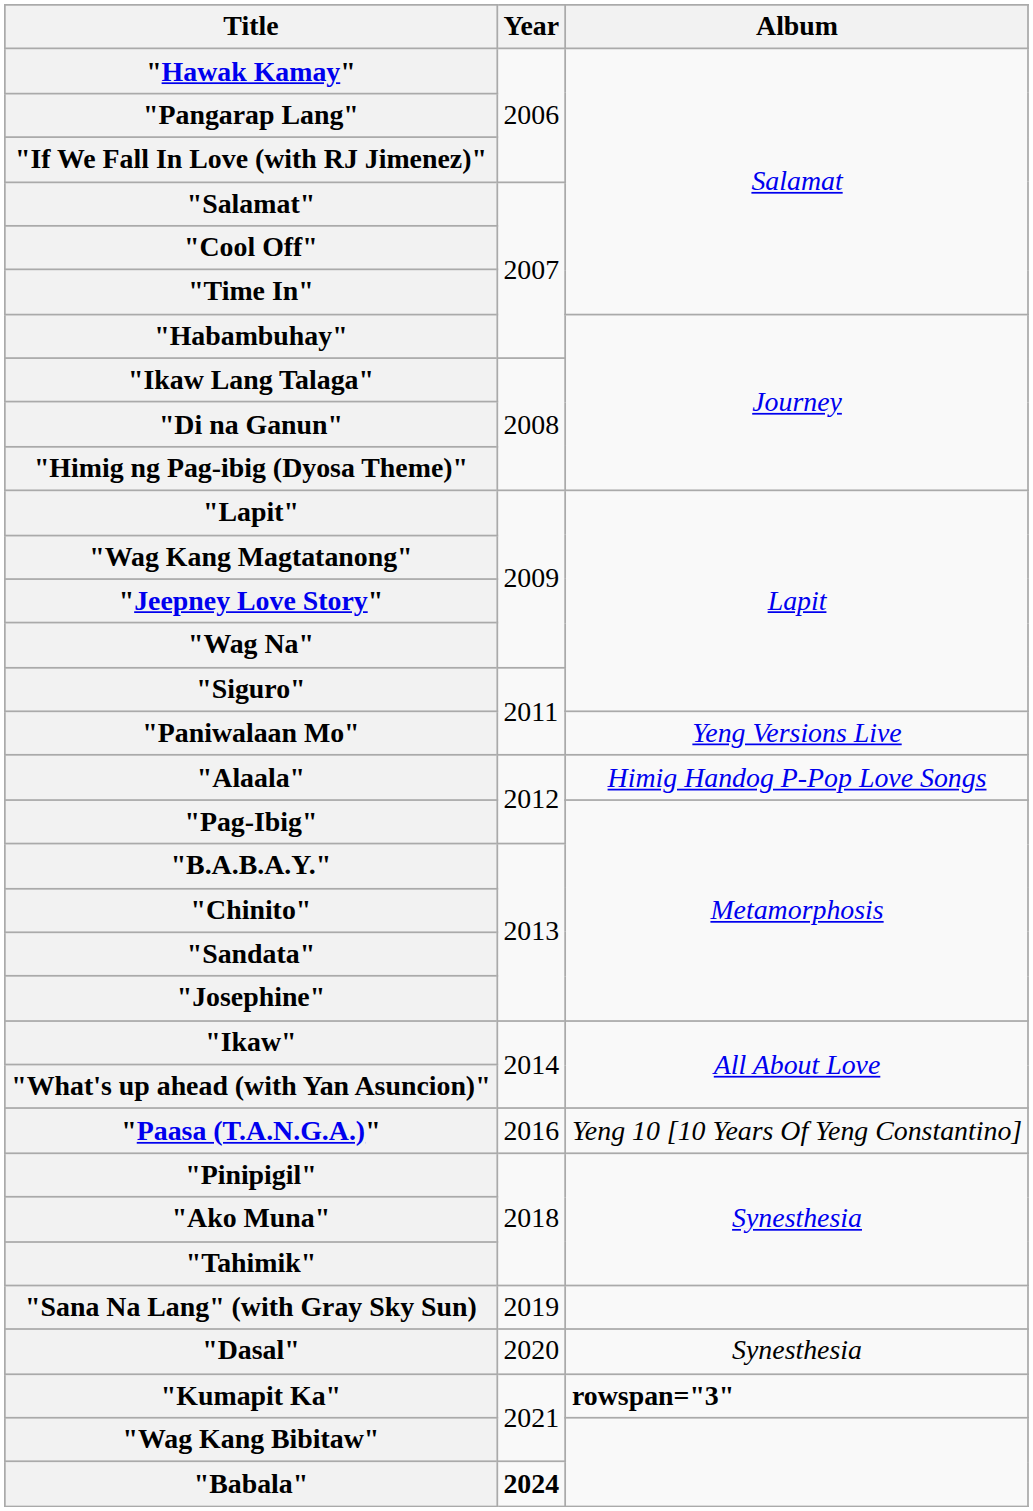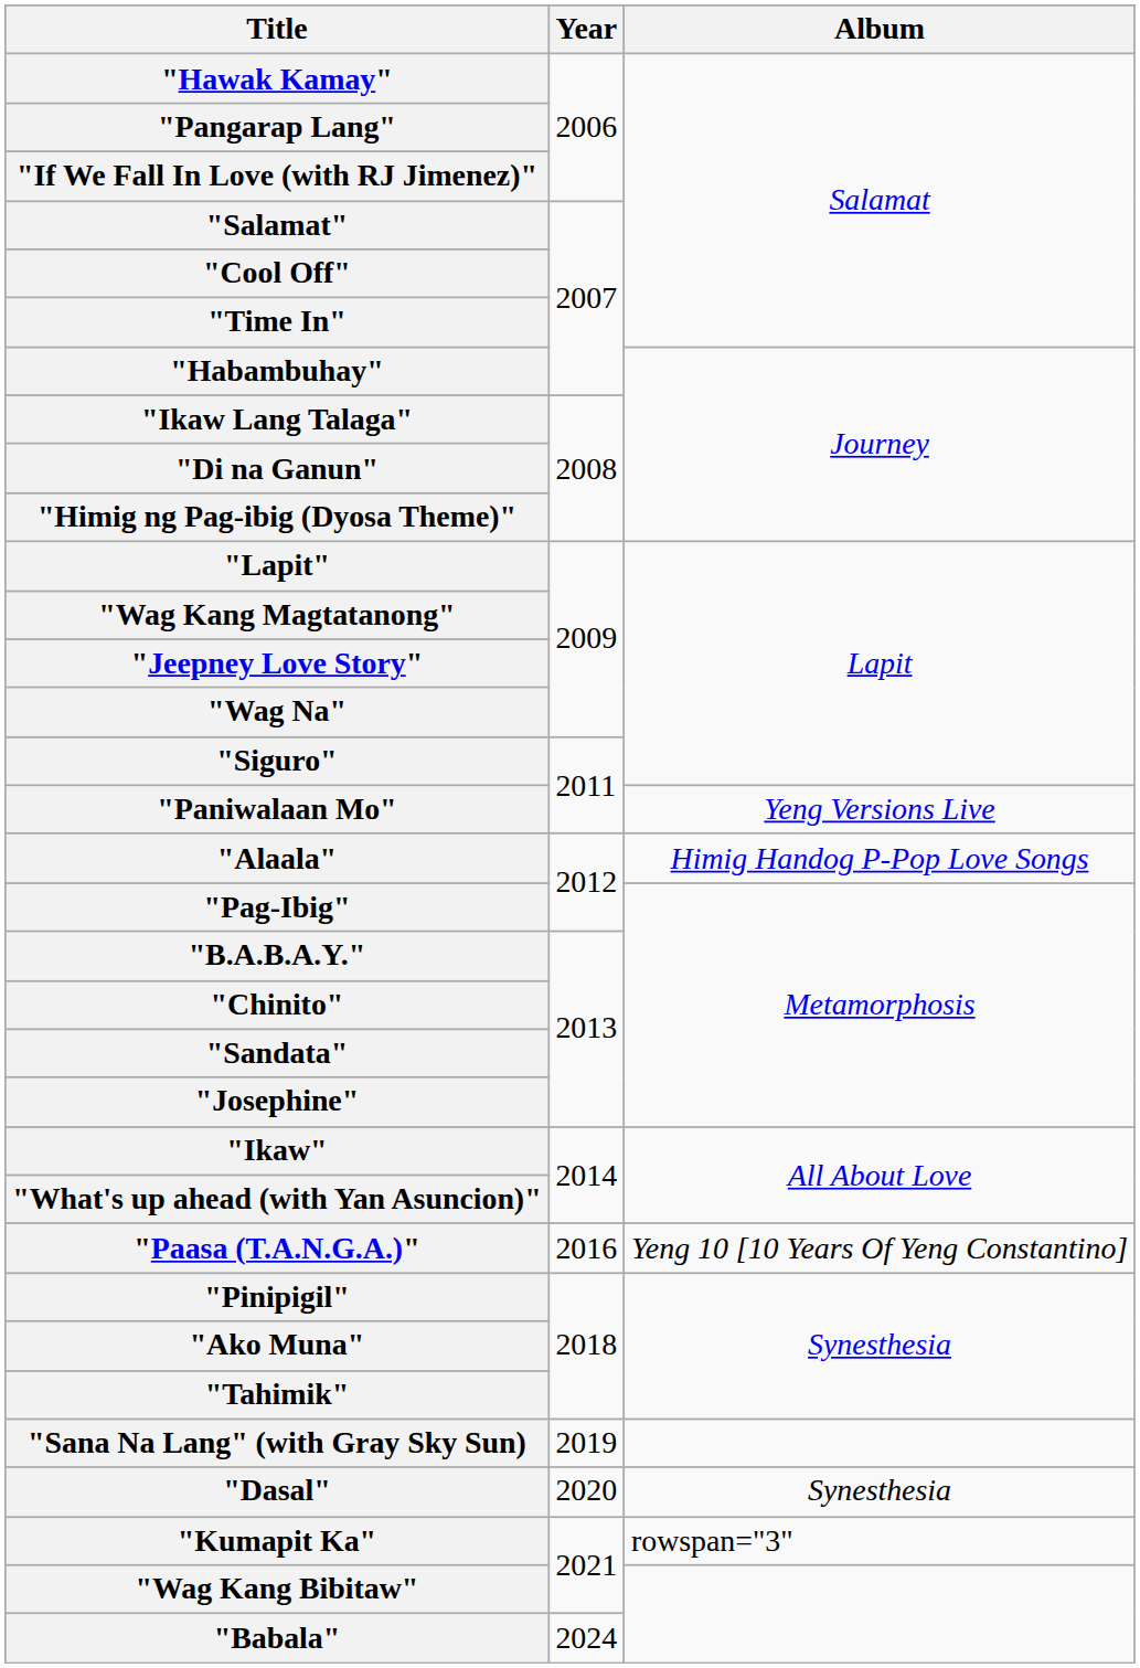 <table class="wikitable plainrowheaders">
 <tr>
 <th>Title</th>
 <th>Year</th>
 <th>Album</th>
 </tr>
 <tr>
 <th scope="row">"<a href='#'>Hawak Kamay</a>"</th>
 <td rowspan="3">2006</td>
 <td rowspan="6" style="text-align:center;"><em><a href='#'>Salamat</a></em></td>
 </tr>
 <tr>
 <th scope="row">"Pangarap Lang"</th>
 </tr>
 <tr>
 <th scope="row">"If We Fall In Love (with RJ Jimenez)"</th>
 </tr>
 <tr>
 <th scope="row">"Salamat"</th>
 <td rowspan="4">2007</td>
 </tr>
 <tr>
 <th scope="row">"Cool Off"</th>
 </tr>
 <tr>
 <th scope="row">"Time In"</th>
 </tr>
 <tr>
 <th scope="row">"Habambuhay"</th>
 <td rowspan="4" style="text-align:center;"><em><a href='#'>Journey</a></em></td>
 </tr>
 <tr>
 <th scope="row">"Ikaw Lang Talaga"</th>
 <td rowspan="3">2008</td>
 </tr>
 <tr>
 <th scope="row">"Di na Ganun"</th>
 </tr>
 <tr>
 <th scope="row">"Himig ng Pag-ibig (Dyosa Theme)"</th>
 </tr>
 <tr>
 <th scope="row">"Lapit"</th>
 <td rowspan="4">2009</td>
 <td rowspan="5" style="text-align:center;"><em><a href='#'>Lapit</a></em></td>
 </tr>
 <tr>
 <th scope="row">"Wag Kang Magtatanong"</th>
 </tr>
 <tr>
 <th scope="row">"<a href='#'>Jeepney Love Story</a>"</th>
 </tr>
 <tr>
 <th scope="row">"Wag Na"</th>
 </tr>
 <tr>
 <th scope="row">"Siguro"</th>
 <td rowspan="2">2011</td>
 </tr>
 <tr>
 <th scope="row">"Paniwalaan Mo"</th>
 <td style="text-align:center;"><em><a href='#'>Yeng Versions Live</a></em></td>
 </tr>
 <tr>
 <th scope="row">"Alaala"</th>
 <td rowspan="2">2012</td>
 <td style="text-align:center;"><em><a href='#'>Himig Handog P-Pop Love Songs</a></em></td>
 </tr>
 <tr>
 <th scope="row">"Pag-Ibig"</th>
 <td rowspan="5" style="text-align:center;"><em><a href='#'>Metamorphosis</a></em></td>
 </tr>
 <tr>
 <th scope="row">"B.A.B.A.Y."</th>
 <td rowspan="4">2013</td>
 </tr>
 <tr>
 <th scope="row">"Chinito"</th>
 </tr>
 <tr>
 <th scope="row">"Sandata"</th>
 </tr>
 <tr>
 <th scope="row">"Josephine"</th>
 </tr>
 <tr>
 <th scope="row">"Ikaw"</th>
 <td rowspan="2">2014</td>
 <td rowspan="2" style="text-align:center;"><em><a href='#'>All About Love</a></em></td>
 </tr>
 <tr>
 <th scope="row">"What's up ahead (with Yan Asuncion)"</th>
 </tr>
 <tr>
 <th scope="row">"<a href='#'>Paasa (T.A.N.G.A.)</a>"</th>
 <td>2016</td>
 <td><em>Yeng 10 [10 Years Of Yeng Constantino]</em></td>
 </tr>
 <tr>
 <th scope="row">"Pinipigil"</th>
 <td rowspan="3">2018</td>
 <td rowspan="3" align="center"><em><a href='#'>Synesthesia</a></em></td>
 </tr>
 <tr>
 <th scope="row">"Ako Muna"</th>
 </tr>
 <tr>
 <th scope="row">"Tahimik"</th>
 </tr>
 <tr>
 <th scope="row">"Sana Na Lang" (with Gray Sky Sun)</th>
 <td>2019</td>
 <td></td>
 </tr>
 <tr>
 <th scope="row">"Dasal"</th>
 <td>2020</td>
 <td align="center"><em>Synesthesia</em></td>
 </tr>
 <tr>
 <th scope="row">"Kumapit Ka"</th>
 <td rowspan="2">2021</td>
-<td><strong>rowspan="3" </strong></td>
+<td>rowspan="3" </td>
 </tr>
 <tr>
 <th scope="row">"Wag Kang Bibitaw"</th>
 </tr>
 <tr>
 <th scope="row">"Babala"</th>
-<td><strong>2024</strong></td>
+<td>2024</td>
 </tr>
 </table>
